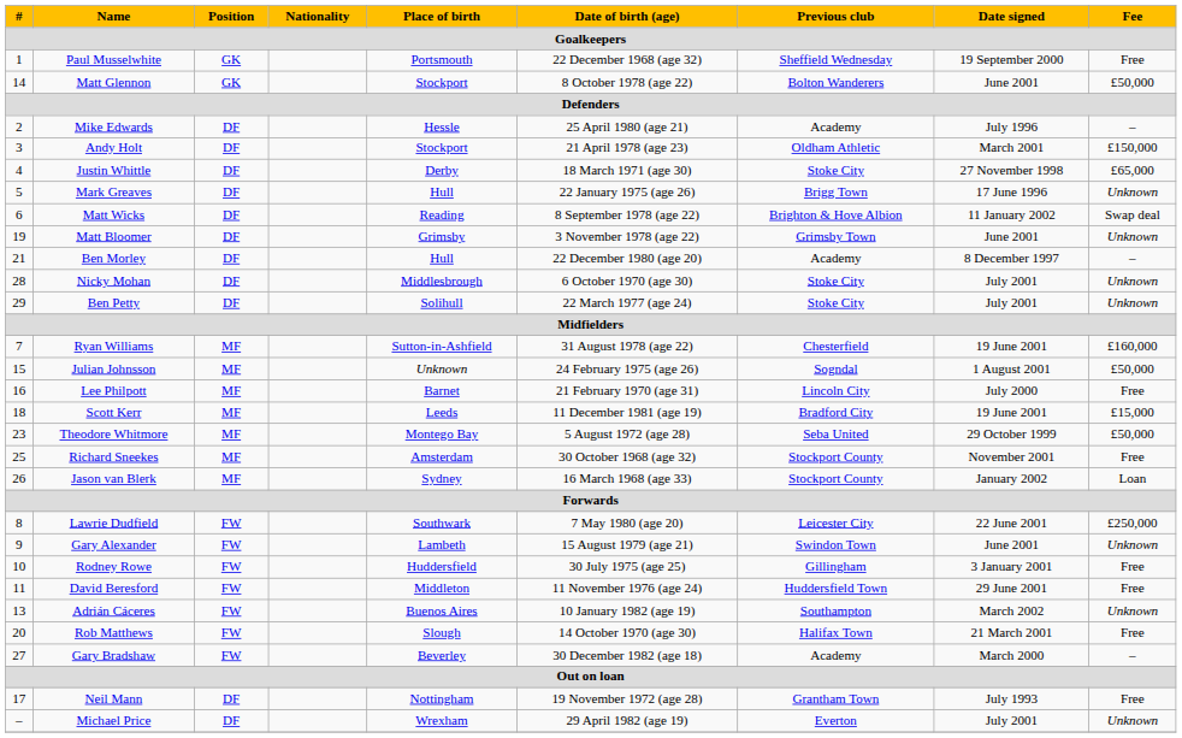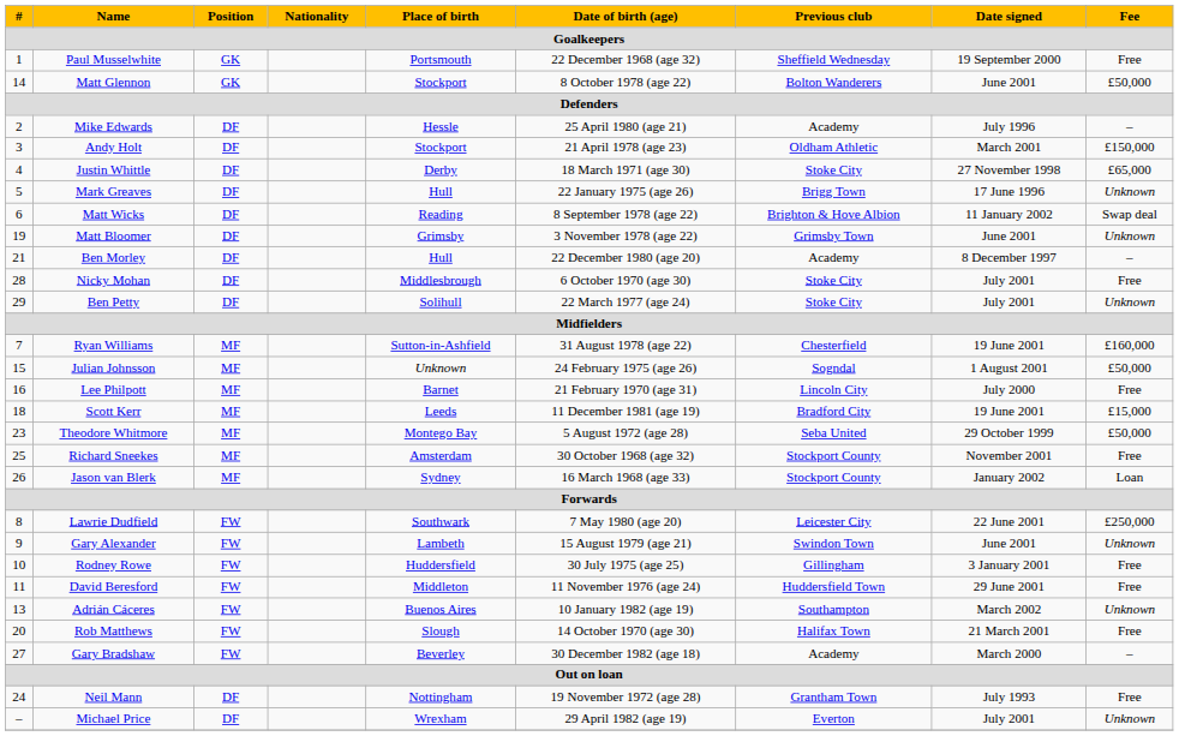 <table class="wikitable" style="text-align:center; font-size:90%; width:100%;">
 <tr>
 <th style="background:#ffbf00; color:#000000; text-align:center;">#</th>
 <th style="background:#ffbf00; color:#000000; text-align:center;">Name</th>
 <th style="background:#ffbf00; color:#000000; text-align:center;">Position</th>
 <th style="background:#ffbf00; color:#000000; text-align:center;">Nationality</th>
 <th style="background:#ffbf00; color:#000000; text-align:center;">Place of birth</th>
 <th style="background:#ffbf00; color:#000000; text-align:center;">Date of birth (age)</th>
 <th style="background:#ffbf00; color:#000000; text-align:center;">Previous club</th>
 <th style="background:#ffbf00; color:#000000; text-align:center;">Date signed</th>
 <th style="background:#ffbf00; color:#000000; text-align:center;">Fee</th>
 </tr>
 <tr>
 <th colspan="14" style="background:#dcdcdc; tepxt-align:center;">Goalkeepers</th>
 </tr>
 <tr>
 <td>1</td>
 <td><a href='#'>Paul Musselwhite</a></td>
 <td><a href='#'>GK</a></td>
 <td></td>
 <td><a href='#'>Portsmouth</a></td>
 <td>22 December 1968 (age 32)</td>
 <td><a href='#'>Sheffield Wednesday</a></td>
 <td>19 September 2000</td>
 <td>Free</td>
 </tr>
 <tr>
 <td>14</td>
 <td><a href='#'>Matt Glennon</a></td>
 <td><a href='#'>GK</a></td>
 <td></td>
 <td><a href='#'>Stockport</a></td>
 <td>8 October 1978 (age 22)</td>
 <td><a href='#'>Bolton Wanderers</a></td>
 <td>June 2001</td>
 <td>£50,000</td>
 </tr>
 <tr>
 <th colspan="14" style="background:#dcdcdc; tepxt-align:center;">Defenders</th>
 </tr>
 <tr>
 <td>2</td>
 <td><a href='#'>Mike Edwards</a></td>
 <td><a href='#'>DF</a></td>
 <td></td>
 <td><a href='#'>Hessle</a></td>
 <td>25 April 1980 (age 21)</td>
 <td>Academy</td>
 <td>July 1996</td>
 <td>–</td>
 </tr>
 <tr>
 <td>3</td>
 <td><a href='#'>Andy Holt</a></td>
 <td><a href='#'>DF</a></td>
 <td></td>
 <td><a href='#'>Stockport</a></td>
 <td>21 April 1978 (age 23)</td>
 <td><a href='#'>Oldham Athletic</a></td>
 <td>March 2001</td>
 <td>£150,000</td>
 </tr>
 <tr>
 <td>4</td>
 <td><a href='#'>Justin Whittle</a></td>
 <td><a href='#'>DF</a></td>
 <td></td>
 <td><a href='#'>Derby</a></td>
 <td>18 March 1971 (age 30)</td>
 <td><a href='#'>Stoke City</a></td>
 <td>27 November 1998</td>
 <td>£65,000</td>
 </tr>
 <tr>
 <td>5</td>
 <td><a href='#'>Mark Greaves</a></td>
 <td><a href='#'>DF</a></td>
 <td></td>
 <td><a href='#'>Hull</a></td>
 <td>22 January 1975 (age 26)</td>
 <td><a href='#'>Brigg Town</a></td>
 <td>17 June 1996</td>
 <td><em>Unknown</em></td>
 </tr>
 <tr>
 <td>6</td>
 <td><a href='#'>Matt Wicks</a></td>
 <td><a href='#'>DF</a></td>
 <td></td>
 <td><a href='#'>Reading</a></td>
 <td>8 September 1978 (age 22)</td>
 <td><a href='#'>Brighton & Hove Albion</a></td>
 <td>11 January 2002</td>
 <td>Swap deal</td>
 </tr>
 <tr>
 <td>19</td>
 <td><a href='#'>Matt Bloomer</a></td>
 <td><a href='#'>DF</a></td>
 <td></td>
 <td><a href='#'>Grimsby</a></td>
 <td>3 November 1978 (age 22)</td>
 <td><a href='#'>Grimsby Town</a></td>
 <td>June 2001</td>
 <td><em>Unknown</em></td>
 </tr>
 <tr>
 <td>21</td>
 <td><a href='#'>Ben Morley</a></td>
 <td><a href='#'>DF</a></td>
 <td></td>
 <td><a href='#'>Hull</a></td>
 <td>22 December 1980 (age 20)</td>
 <td>Academy</td>
 <td>8 December 1997</td>
 <td>–</td>
 </tr>
 <tr>
 <td>28</td>
 <td><a href='#'>Nicky Mohan</a></td>
 <td><a href='#'>DF</a></td>
 <td></td>
 <td><a href='#'>Middlesbrough</a></td>
 <td>6 October 1970 (age 30)</td>
 <td><a href='#'>Stoke City</a></td>
 <td>July 2001</td>
-<td><em>Unknown</em></td>
+<td>Free</td>
 </tr>
 <tr>
 <td>29</td>
 <td><a href='#'>Ben Petty</a></td>
 <td><a href='#'>DF</a></td>
 <td></td>
 <td><a href='#'>Solihull</a></td>
 <td>22 March 1977 (age 24)</td>
 <td><a href='#'>Stoke City</a></td>
 <td>July 2001</td>
 <td><em>Unknown</em></td>
 </tr>
 <tr>
 <th colspan="14" style="background:#dcdcdc; tepxt-align:center;">Midfielders</th>
 </tr>
 <tr>
 <td>7</td>
 <td><a href='#'>Ryan Williams</a></td>
 <td><a href='#'>MF</a></td>
 <td></td>
 <td><a href='#'>Sutton-in-Ashfield</a></td>
 <td>31 August 1978 (age 22)</td>
 <td><a href='#'>Chesterfield</a></td>
 <td>19 June 2001</td>
 <td>£160,000</td>
 </tr>
 <tr>
 <td>15</td>
 <td><a href='#'>Julian Johnsson</a></td>
 <td><a href='#'>MF</a></td>
 <td></td>
 <td><em>Unknown</em></td>
 <td>24 February 1975 (age 26)</td>
 <td> <a href='#'>Sogndal</a></td>
 <td>1 August 2001</td>
 <td>£50,000</td>
 </tr>
 <tr>
 <td>16</td>
 <td><a href='#'>Lee Philpott</a></td>
 <td><a href='#'>MF</a></td>
 <td></td>
 <td><a href='#'>Barnet</a></td>
 <td>21 February 1970 (age 31)</td>
 <td><a href='#'>Lincoln City</a></td>
 <td>July 2000</td>
 <td>Free</td>
 </tr>
 <tr>
 <td>18</td>
 <td><a href='#'>Scott Kerr</a></td>
 <td><a href='#'>MF</a></td>
 <td></td>
 <td><a href='#'>Leeds</a></td>
 <td>11 December 1981 (age 19)</td>
 <td><a href='#'>Bradford City</a></td>
 <td>19 June 2001</td>
 <td>£15,000</td>
 </tr>
 <tr>
 <td>23</td>
 <td><a href='#'>Theodore Whitmore</a></td>
 <td><a href='#'>MF</a></td>
 <td></td>
 <td><a href='#'>Montego Bay</a></td>
 <td>5 August 1972 (age 28)</td>
 <td> <a href='#'>Seba United</a></td>
 <td>29 October 1999</td>
 <td>£50,000</td>
 </tr>
 <tr>
 <td>25</td>
 <td><a href='#'>Richard Sneekes</a></td>
 <td><a href='#'>MF</a></td>
 <td></td>
 <td><a href='#'>Amsterdam</a></td>
 <td>30 October 1968 (age 32)</td>
 <td><a href='#'>Stockport County</a></td>
 <td>November 2001</td>
 <td>Free</td>
 </tr>
 <tr>
 <td>26</td>
 <td><a href='#'>Jason van Blerk</a></td>
 <td><a href='#'>MF</a></td>
 <td></td>
 <td><a href='#'>Sydney</a></td>
 <td>16 March 1968 (age 33)</td>
 <td><a href='#'>Stockport County</a></td>
 <td>January 2002</td>
 <td>Loan</td>
 </tr>
 <tr>
 <th colspan="14" style="background:#dcdcdc; tepxt-align:center;">Forwards</th>
 </tr>
 <tr>
 <td>8</td>
 <td><a href='#'>Lawrie Dudfield</a></td>
 <td><a href='#'>FW</a></td>
 <td></td>
 <td><a href='#'>Southwark</a></td>
 <td>7 May 1980 (age 20)</td>
 <td><a href='#'>Leicester City</a></td>
 <td>22 June 2001</td>
 <td>£250,000</td>
 </tr>
 <tr>
 <td>9</td>
 <td><a href='#'>Gary Alexander</a></td>
 <td><a href='#'>FW</a></td>
 <td></td>
 <td><a href='#'>Lambeth</a></td>
 <td>15 August 1979 (age 21)</td>
 <td><a href='#'>Swindon Town</a></td>
 <td>June 2001</td>
 <td><em>Unknown</em></td>
 </tr>
 <tr>
 <td>10</td>
 <td><a href='#'>Rodney Rowe</a></td>
 <td><a href='#'>FW</a></td>
 <td></td>
 <td><a href='#'>Huddersfield</a></td>
 <td>30 July 1975 (age 25)</td>
 <td><a href='#'>Gillingham</a></td>
 <td>3 January 2001</td>
 <td>Free</td>
 </tr>
 <tr>
 <td>11</td>
 <td><a href='#'>David Beresford</a></td>
 <td><a href='#'>FW</a></td>
 <td></td>
 <td><a href='#'>Middleton</a></td>
 <td>11 November 1976 (age 24)</td>
 <td><a href='#'>Huddersfield Town</a></td>
 <td>29 June 2001</td>
 <td>Free</td>
 </tr>
 <tr>
 <td>13</td>
 <td><a href='#'>Adrián Cáceres</a></td>
 <td><a href='#'>FW</a></td>
 <td></td>
 <td><a href='#'>Buenos Aires</a></td>
 <td>10 January 1982 (age 19)</td>
 <td><a href='#'>Southampton</a></td>
 <td>March 2002</td>
 <td><em>Unknown</em></td>
 </tr>
 <tr>
 <td>20</td>
 <td><a href='#'>Rob Matthews</a></td>
 <td><a href='#'>FW</a></td>
 <td></td>
 <td><a href='#'>Slough</a></td>
 <td>14 October 1970 (age 30)</td>
 <td><a href='#'>Halifax Town</a></td>
 <td>21 March 2001</td>
 <td>Free</td>
 </tr>
 <tr>
 <td>27</td>
 <td><a href='#'>Gary Bradshaw</a></td>
 <td><a href='#'>FW</a></td>
 <td></td>
 <td><a href='#'>Beverley</a></td>
 <td>30 December 1982 (age 18)</td>
 <td>Academy</td>
 <td>March 2000</td>
 <td>–</td>
 </tr>
 <tr>
 <th colspan="14" style="background:#dcdcdc; tepxt-align:center;">Out on loan</th>
 </tr>
 <tr>
-<td>17</td>
+<td>24</td>
 <td><a href='#'>Neil Mann</a></td>
 <td><a href='#'>DF</a></td>
 <td></td>
 <td> <a href='#'>Nottingham</a></td>
 <td>19 November 1972 (age 28)</td>
 <td><a href='#'>Grantham Town</a></td>
 <td>July 1993</td>
 <td>Free</td>
 </tr>
 <tr>
 <td>–</td>
 <td><a href='#'>Michael Price</a></td>
 <td><a href='#'>DF</a></td>
 <td></td>
 <td><a href='#'>Wrexham</a></td>
 <td>29 April 1982 (age 19)</td>
 <td><a href='#'>Everton</a></td>
 <td>July 2001</td>
 <td><em>Unknown</em></td>
 </tr>
 <tr>
 </tr>
 </table>
